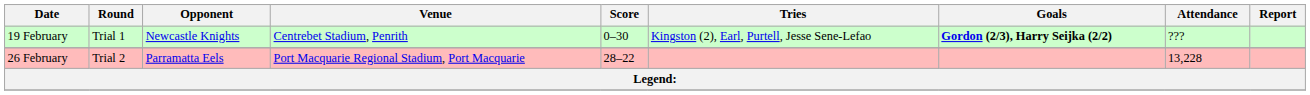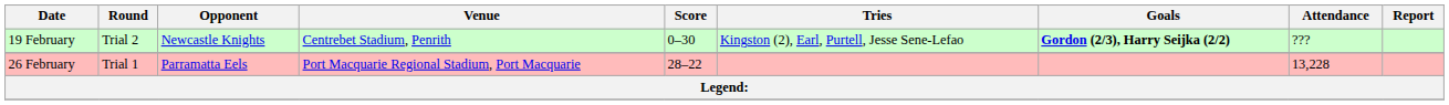 <table class="wikitable" style="font-size:75%;" width="100%">
 <tr>
 <th>Date</th>
 <th>Round</th>
 <th>Opponent</th>
 <th>Venue</th>
 <th>Score</th>
 <th>Tries</th>
 <th>Goals</th>
 <th>Attendance</th>
 <th>Report</th>
 </tr>
 <tr bgcolor="#CCFFCC">
 <td>19 February</td>
-<td>Trial 1</td>
+<td>Trial 2</td>
 <td> <a href='#'>Newcastle Knights</a></td>
 <td><a href='#'>Centrebet Stadium</a>, <a href='#'>Penrith</a></td>
 <td>0–30</td>
 <td><a href='#'>Kingston</a> (2), <a href='#'>Earl</a>, <a href='#'>Purtell</a>, Jesse Sene-Lefao</td>
 <td><strong><a href='#'>Gordon</a> (2/3), Harry Seijka (2/2)</strong></td>
 <td>???</td>
 <td></td>
 </tr>
 <tr>
 </tr>
 <tr bgcolor="#FFBBBB">
 <td>26 February</td>
-<td>Trial 2</td>
+<td>Trial 1</td>
 <td> <a href='#'>Parramatta Eels</a></td>
 <td><a href='#'>Port Macquarie Regional Stadium</a>, <a href='#'>Port Macquarie</a></td>
 <td>28–22</td>
 <td></td>
 <td></td>
 <td>13,228</td>
 <td></td>
 </tr>
 <tr>
 <th colspan="11"><strong>Legend</strong>:   </th>
 </tr>
 <tr>
 </tr>
 </table>
